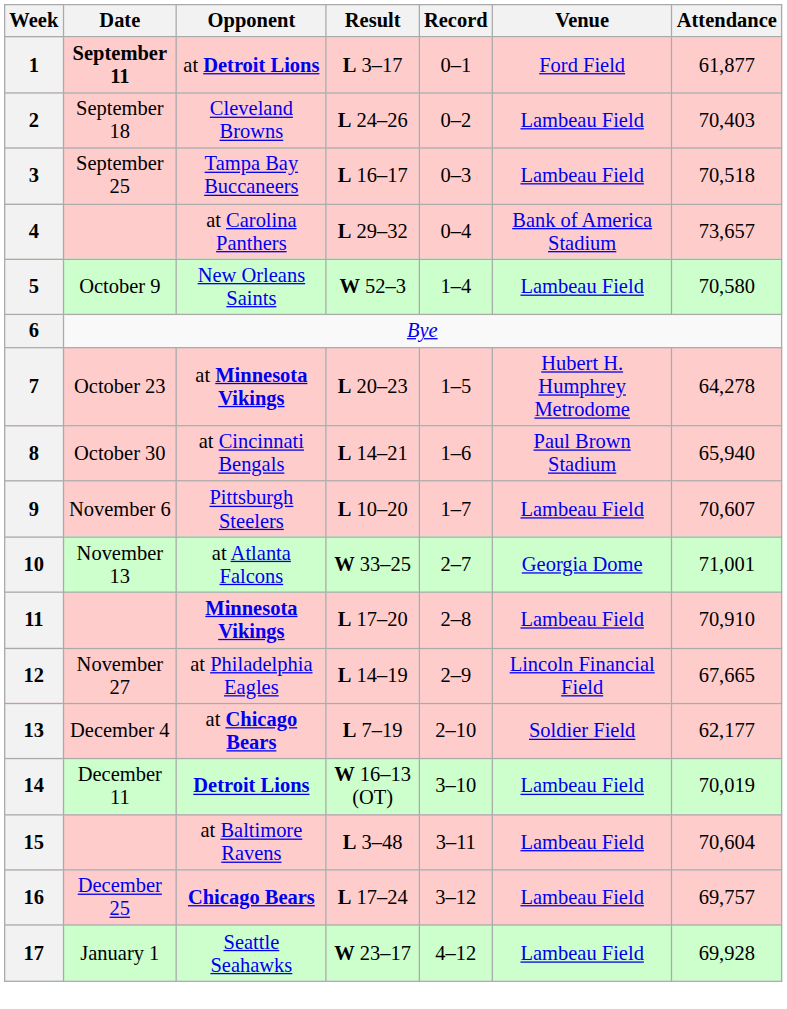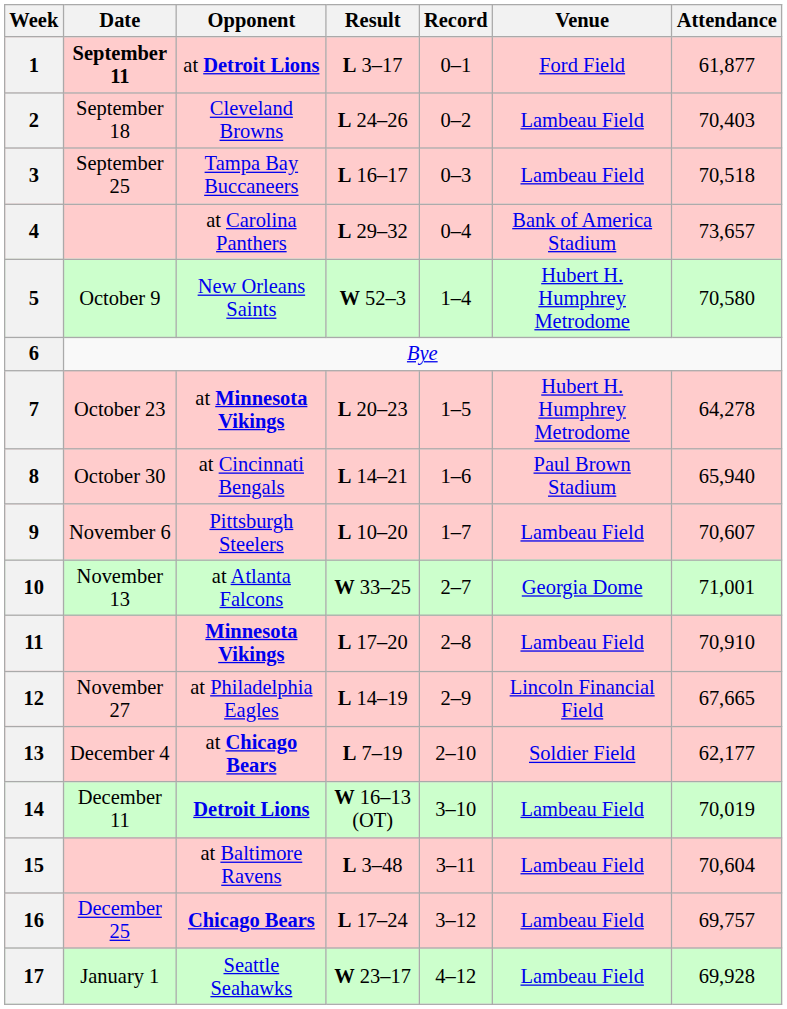 <table class="wikitable" style="text-align:center">
 <tr>
 <th>Week</th>
 <th>Date</th>
 <th>Opponent</th>
 <th>Result</th>
 <th>Record</th>
 <th>Venue</th>
 <th>Attendance</th>
 </tr>
 <tr style="background:#fcc">
 <th>1</th>
 <td><strong>September 11</strong></td>
 <td>at <strong><a href='#'>Detroit Lions</a></strong></td>
 <td><strong>L</strong> 3–17</td>
 <td>0–1</td>
 <td><a href='#'>Ford Field</a></td>
 <td>61,877</td>
 </tr>
 <tr style="background:#fcc">
 <th>2</th>
 <td>September 18</td>
 <td><a href='#'>Cleveland Browns</a></td>
 <td><strong>L</strong> 24–26</td>
 <td>0–2</td>
 <td><a href='#'>Lambeau Field</a></td>
 <td>70,403</td>
 </tr>
 <tr style="background:#fcc">
 <th>3</th>
 <td>September 25</td>
 <td><a href='#'>Tampa Bay Buccaneers</a></td>
 <td><strong>L</strong> 16–17</td>
 <td>0–3</td>
 <td><a href='#'>Lambeau Field</a></td>
 <td>70,518</td>
 </tr>
 <tr style="background:#fcc">
 <th>4</th>
 <td></td>
 <td>at <a href='#'>Carolina Panthers</a></td>
 <td><strong>L</strong> 29–32</td>
 <td>0–4</td>
 <td><a href='#'>Bank of America Stadium</a></td>
 <td>73,657</td>
 </tr>
 <tr style="background:#cfc">
 <th>5</th>
 <td>October 9</td>
 <td><a href='#'>New Orleans Saints</a></td>
 <td><strong>W</strong> 52–3</td>
 <td>1–4</td>
-<td><a href='#'>Lambeau Field</a></td>
+<td><a href='#'>Hubert H. Humphrey Metrodome</a></td>
 <td>70,580</td>
 </tr>
 <tr>
 <th>6</th>
 <td colspan="6"><em><a href='#'>Bye</a></em></td>
 </tr>
 <tr style="background:#fcc">
 <th>7</th>
 <td>October 23</td>
 <td>at <strong><a href='#'>Minnesota Vikings</a></strong></td>
 <td><strong>L</strong> 20–23</td>
 <td>1–5</td>
 <td><a href='#'>Hubert H. Humphrey Metrodome</a></td>
 <td>64,278</td>
 </tr>
 <tr style="background:#fcc">
 <th>8</th>
 <td>October 30</td>
 <td>at <a href='#'>Cincinnati Bengals</a></td>
 <td><strong>L</strong> 14–21</td>
 <td>1–6</td>
 <td><a href='#'>Paul Brown Stadium</a></td>
 <td>65,940</td>
 </tr>
 <tr style="background:#fcc">
 <th>9</th>
 <td>November 6</td>
 <td><a href='#'>Pittsburgh Steelers</a></td>
 <td><strong>L</strong> 10–20</td>
 <td>1–7</td>
 <td><a href='#'>Lambeau Field</a></td>
 <td>70,607</td>
 </tr>
 <tr style="background:#cfc">
 <th>10</th>
 <td>November 13</td>
 <td>at <a href='#'>Atlanta Falcons</a></td>
 <td><strong>W</strong> 33–25</td>
 <td>2–7</td>
 <td><a href='#'>Georgia Dome</a></td>
 <td>71,001</td>
 </tr>
 <tr style="background:#fcc">
 <th>11</th>
 <td></td>
 <td><strong><a href='#'>Minnesota Vikings</a></strong></td>
 <td><strong>L</strong> 17–20</td>
 <td>2–8</td>
 <td><a href='#'>Lambeau Field</a></td>
 <td>70,910</td>
 </tr>
 <tr style="background:#fcc">
 <th>12</th>
 <td>November 27</td>
 <td>at <a href='#'>Philadelphia Eagles</a></td>
 <td><strong>L</strong> 14–19</td>
 <td>2–9</td>
 <td><a href='#'>Lincoln Financial Field</a></td>
 <td>67,665</td>
 </tr>
 <tr style="background:#fcc">
 <th>13</th>
 <td>December 4</td>
 <td>at <strong><a href='#'>Chicago Bears</a></strong></td>
 <td><strong>L</strong> 7–19</td>
 <td>2–10</td>
 <td><a href='#'>Soldier Field</a></td>
 <td>62,177</td>
 </tr>
 <tr style="background:#cfc">
 <th>14</th>
 <td>December 11</td>
 <td><strong><a href='#'>Detroit Lions</a></strong></td>
 <td><strong>W</strong> 16–13 (OT)</td>
 <td>3–10</td>
 <td><a href='#'>Lambeau Field</a></td>
 <td>70,019</td>
 </tr>
 <tr style="background:#fcc">
 <th>15</th>
 <td></td>
 <td>at <a href='#'>Baltimore Ravens</a></td>
 <td><strong>L</strong> 3–48</td>
 <td>3–11</td>
 <td><a href='#'>Lambeau Field</a></td>
 <td>70,604</td>
 </tr>
 <tr style="background:#fcc">
 <th>16</th>
 <td><a href='#'>December 25</a></td>
 <td><strong><a href='#'>Chicago Bears</a></strong></td>
 <td><strong>L</strong> 17–24</td>
 <td>3–12</td>
 <td><a href='#'>Lambeau Field</a></td>
 <td>69,757</td>
 </tr>
 <tr style="background:#cfc">
 <th>17</th>
 <td>January 1</td>
 <td><a href='#'>Seattle Seahawks</a></td>
 <td><strong>W</strong> 23–17</td>
 <td>4–12</td>
 <td><a href='#'>Lambeau Field</a></td>
 <td>69,928</td>
 </tr>
 </table>
